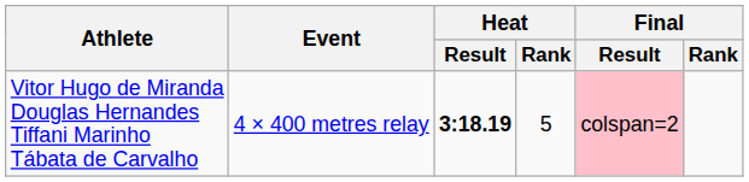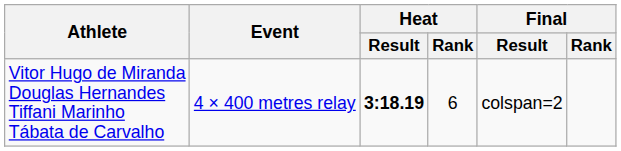 <table class="wikitable" style="font-size:90%">
 <tr>
 <th rowspan="2">Athlete</th>
 <th rowspan="2">Event</th>
 <th colspan="2">Heat</th>
 <th colspan="2">Final</th>
 </tr>
 <tr style="font-size:95%">
 <th>Result</th>
 <th>Rank</th>
 <th>Result</th>
 <th>Rank</th>
 </tr>
 <tr align=center>
 <td align=left><a href='#'>Vitor Hugo de Miranda</a><br><a href='#'>Douglas Hernandes</a><br><a href='#'>Tiffani Marinho</a><br><a href='#'>Tábata de Carvalho</a></td>
 <td align=left><a href='#'>4 × 400 metres relay</a></td>
 <td><strong>3:18.19 </strong></td>
-<td>5</td>
-<td style="background: pink;">colspan=2 </td>
+<td>6</td>
+<td>colspan=2 </td>
 </tr>
 </table>
